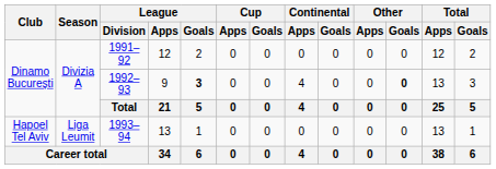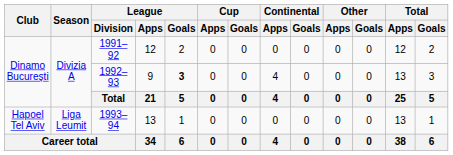 <table class="wikitable" style="text-align:center">
 <tr>
 <th rowspan="2">Club</th>
 <th rowspan="2">Season</th>
 <th colspan="3">League</th>
 <th colspan="2">Cup</th>
 <th colspan="2">Continental</th>
 <th colspan="2">Other</th>
 <th colspan="2">Total</th>
 </tr>
 <tr>
 <th>Division</th>
 <th>Apps</th>
 <th>Goals</th>
 <th>Apps</th>
 <th>Goals</th>
 <th>Apps</th>
 <th>Goals</th>
 <th>Apps</th>
 <th>Goals</th>
 <th>Apps</th>
 <th>Goals</th>
 </tr>
 <tr>
 <td rowspan="3"><a href='#'>Dinamo București</a></td>
 <td rowspan="3"><a href='#'>Divizia A</a></td>
 <td><a href='#'>1991–92</a></td>
 <td>12</td>
 <td>2</td>
 <td>0</td>
 <td>0</td>
 <td>0</td>
 <td>0</td>
 <td>0</td>
 <td>0</td>
 <td>12</td>
 <td>2</td>
 </tr>
 <tr>
 <td><a href='#'>1992–93</a></td>
 <td>9</td>
 <td><strong>3</strong></td>
 <td>0</td>
 <td>0</td>
 <td>4</td>
 <td>0</td>
 <td>0</td>
-<td><strong>0</strong></td>
+<td>0</td>
 <td>13</td>
 <td>3</td>
 </tr>
 <tr>
 <th>Total</th>
 <th>21</th>
 <th>5</th>
 <th>0</th>
 <th>0</th>
 <th>4</th>
 <th>0</th>
 <th>0</th>
 <th>0</th>
 <th>25</th>
 <th>5</th>
 </tr>
 <tr>
 <td><a href='#'>Hapoel Tel Aviv</a></td>
 <td><a href='#'>Liga Leumit</a></td>
 <td><a href='#'>1993–94</a></td>
 <td>13</td>
 <td>1</td>
 <td>0</td>
 <td>0</td>
 <td>0</td>
 <td>0</td>
 <td>0</td>
 <td>0</td>
 <td>13</td>
 <td>1</td>
 </tr>
 <tr>
 <th colspan="3">Career total</th>
 <th>34</th>
 <th>6</th>
 <th>0</th>
 <th>0</th>
 <th>4</th>
 <th>0</th>
 <th>0</th>
 <th>0</th>
 <th>38</th>
 <th>6</th>
 </tr>
 </table>
